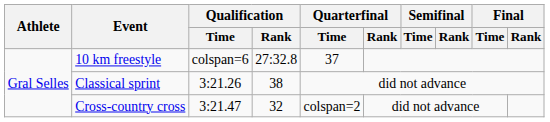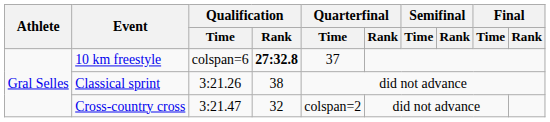 <table class="wikitable" style="font-size:90%">
 <tr>
 <th rowspan="2">Athlete</th>
 <th rowspan="2">Event</th>
 <th colspan="2">Qualification</th>
 <th colspan="2">Quarterfinal</th>
 <th colspan="2">Semifinal</th>
 <th colspan="2">Final</th>
 </tr>
 <tr style="font-size:95%">
 <th>Time</th>
 <th>Rank</th>
 <th>Time</th>
 <th>Rank</th>
 <th>Time</th>
 <th>Rank</th>
 <th>Time</th>
 <th>Rank</th>
 </tr>
 <tr align=center>
 <td align=left rowspan=3><a href='#'>Gral Selles</a></td>
 <td align=left><a href='#'>10 km freestyle</a></td>
 <td>colspan=6 </td>
-<td>27:32.8</td>
+<td><strong>27:32.8</strong></td>
 <td>37</td>
 </tr>
 <tr align=center>
 <td align=left><a href='#'>Classical sprint</a></td>
 <td>3:21.26</td>
 <td>38</td>
 <td colspan=6>did not advance</td>
 </tr>
 <tr align=center>
 <td align=left><a href='#'>Cross-country cross</a></td>
 <td>3:21.47</td>
 <td>32</td>
 <td>colspan=2 </td>
 <td colspan=4>did not advance</td>
 </tr>
 </table>
